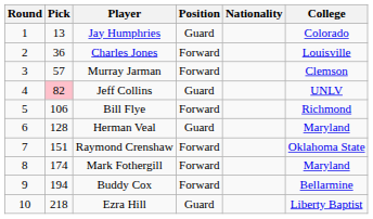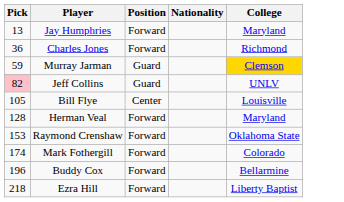 <table class="wikitable sortable sortable">
 <tr>
-<th>Round</th>
 <th>Pick</th>
 <th>Player</th>
 <th>Position</th>
 <th>Nationality</th>
 <th>College</th>
 </tr>
 <tr style="text-align: center">
-<td>1</td>
 <td>13</td>
 <td><a href='#'>Jay Humphries</a></td>
-<td>Guard</td>
+<td>Forward</td>
 <td></td>
-<td><a href='#'>Colorado</a></td>
+<td><a href='#'>Maryland</a></td>
 </tr>
 <tr style="text-align: center">
-<td>2</td>
 <td>36</td>
 <td><a href='#'>Charles Jones</a></td>
 <td>Forward</td>
 <td></td>
-<td><a href='#'>Louisville</a></td>
+<td><a href='#'>Richmond</a></td>
 </tr>
 <tr style="text-align: center">
-<td>3</td>
-<td>57</td>
+<td>59</td>
 <td>Murray Jarman</td>
-<td>Forward</td>
+<td>Guard</td>
 <td></td>
-<td><a href='#'>Clemson</a></td>
+<td style="background: gold;"><a href='#'>Clemson</a></td>
 </tr>
 <tr style="text-align: center">
-<td>4</td>
 <td style="background: pink;">82</td>
 <td>Jeff Collins</td>
 <td>Guard</td>
 <td></td>
 <td><a href='#'>UNLV</a></td>
 </tr>
 <tr style="text-align: center">
-<td>5</td>
-<td>106</td>
+<td>105</td>
 <td>Bill Flye</td>
-<td>Forward</td>
+<td>Center</td>
 <td></td>
-<td><a href='#'>Richmond</a></td>
+<td><a href='#'>Louisville</a></td>
 </tr>
 <tr style="text-align: center">
-<td>6</td>
 <td>128</td>
 <td>Herman Veal</td>
-<td>Guard</td>
+<td>Forward</td>
 <td></td>
 <td><a href='#'>Maryland</a></td>
 </tr>
 <tr style="text-align: center">
-<td>7</td>
-<td>151</td>
+<td>153</td>
 <td>Raymond Crenshaw</td>
 <td>Forward</td>
 <td></td>
 <td><a href='#'>Oklahoma State</a></td>
 </tr>
 <tr style="text-align: center">
-<td>8</td>
 <td>174</td>
 <td>Mark Fothergill</td>
 <td>Forward</td>
 <td></td>
-<td><a href='#'>Maryland</a></td>
+<td><a href='#'>Colorado</a></td>
 </tr>
 <tr style="text-align: center">
-<td>9</td>
-<td>194</td>
+<td>196</td>
 <td>Buddy Cox</td>
 <td>Forward</td>
 <td></td>
 <td><a href='#'>Bellarmine</a></td>
 </tr>
 <tr style="text-align: center">
-<td>10</td>
 <td>218</td>
 <td>Ezra Hill</td>
-<td>Guard</td>
+<td>Forward</td>
 <td></td>
 <td><a href='#'>Liberty Baptist</a></td>
 </tr>
 </table>
